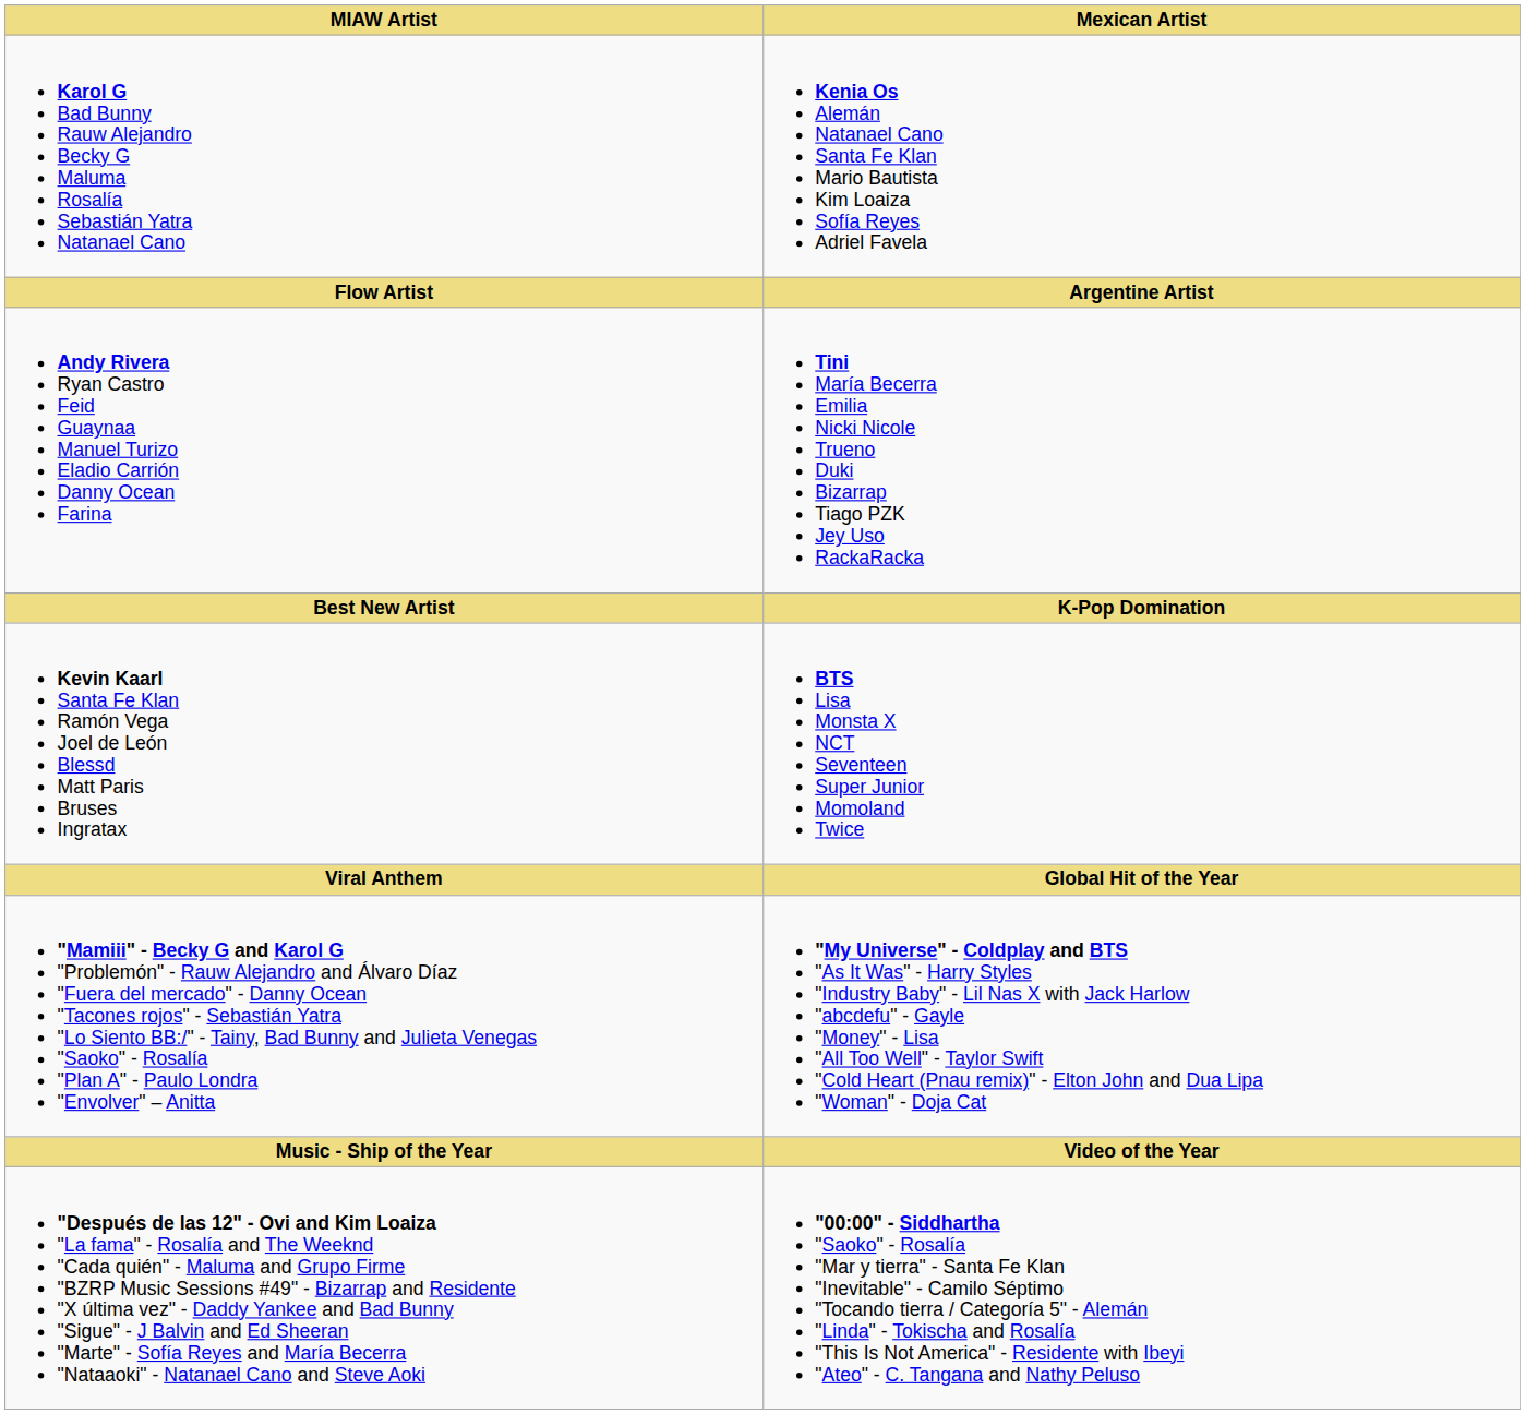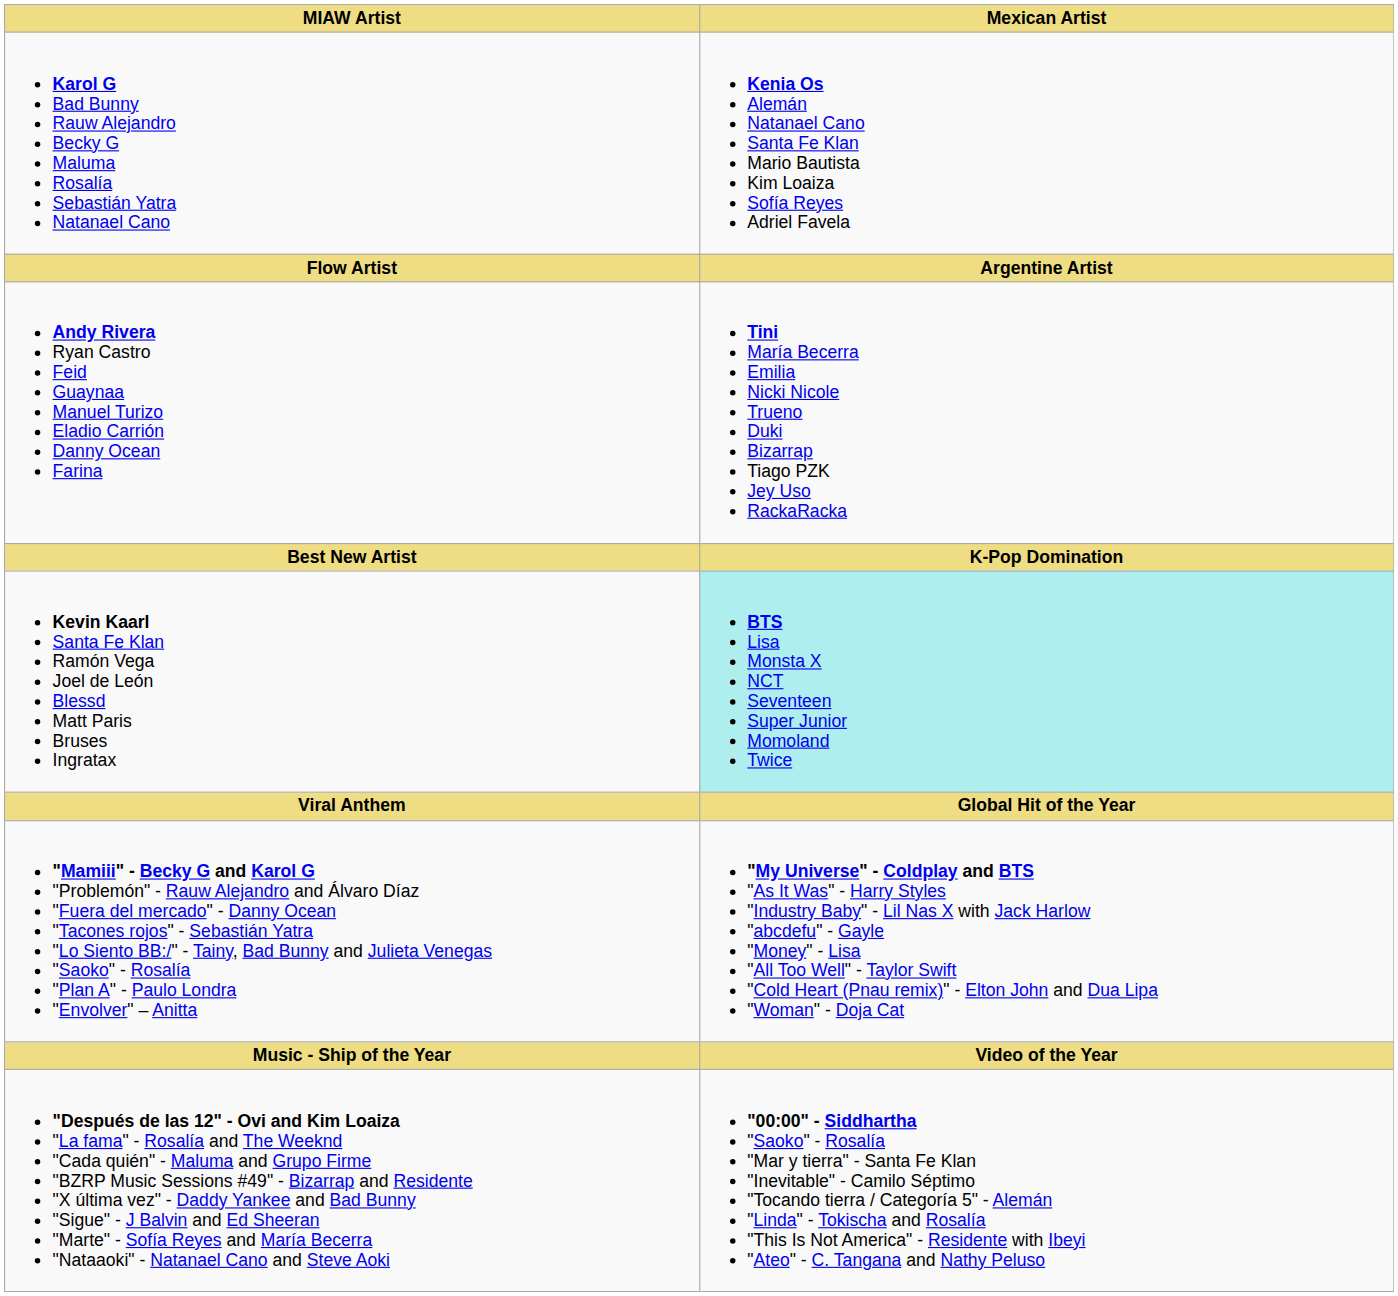 <table class="wikitable" style="width:100%">
 <tr>
 <th style="background:#EEDD82; width:50%">MIAW Artist</th>
 <th style="background:#EEDD82; width:50%">Mexican Artist</th>
 </tr>
 <tr>
 <td valign="top"><br><ul><li><strong><a href='#'>Karol G</a> </strong></li><li><a href='#'>Bad Bunny</a></li><li><a href='#'>Rauw Alejandro</a></li><li><a href='#'>Becky G</a></li><li><a href='#'>Maluma</a></li><li><a href='#'>Rosalía</a></li><li><a href='#'>Sebastián Yatra</a></li><li><a href='#'>Natanael Cano</a></li></ul></td>
 <td valign="top"><br><ul><li><strong><a href='#'>Kenia Os</a> </strong></li><li><a href='#'>Alemán</a></li><li><a href='#'>Natanael Cano</a></li><li><a href='#'>Santa Fe Klan</a></li><li>Mario Bautista</li><li>Kim Loaiza</li><li><a href='#'>Sofía Reyes</a></li><li>Adriel Favela</li></ul></td>
 </tr>
 <tr>
 <th style="background:#EEDD82; width:50%">Flow Artist</th>
 <th style="background:#EEDD82; width:50%">Argentine Artist</th>
 </tr>
 <tr>
 <td valign="top"><br><ul><li><strong><a href='#'>Andy Rivera</a> </strong></li><li>Ryan Castro</li><li><a href='#'>Feid</a></li><li><a href='#'>Guaynaa</a></li><li><a href='#'>Manuel Turizo</a></li><li><a href='#'>Eladio Carrión</a></li><li><a href='#'>Danny Ocean</a></li><li><a href='#'>Farina</a></li></ul></td>
 <td valign="top"><br><ul><li><strong><a href='#'>Tini</a> </strong></li><li><a href='#'>María Becerra</a></li><li><a href='#'>Emilia</a></li><li><a href='#'>Nicki Nicole</a></li><li><a href='#'>Trueno</a></li><li><a href='#'>Duki</a></li><li><a href='#'>Bizarrap</a></li><li>Tiago PZK</li><li><a href='#'>Jey Uso</a></li><li><a href='#'>RackaRacka</a></li></ul></td>
 </tr>
 <tr>
 <th style="background:#EEDD82; width:50%">Best New Artist</th>
 <th style="background:#EEDD82; width:50%">K-Pop Domination</th>
 </tr>
 <tr>
 <td valign="top"><br><ul><li><strong>Kevin Kaarl</strong></li><li><a href='#'>Santa Fe Klan</a></li><li>Ramón Vega</li><li>Joel de León</li><li><a href='#'>Blessd</a></li><li>Matt Paris</li><li>Bruses</li><li>Ingratax</li></ul></td>
-<td valign="top"><br><ul><li><strong><a href='#'>BTS</a> </strong></li><li><a href='#'>Lisa</a></li><li><a href='#'>Monsta X</a></li><li><a href='#'>NCT</a></li><li><a href='#'>Seventeen</a></li><li><a href='#'>Super Junior</a></li><li><a href='#'>Momoland</a></li><li><a href='#'>Twice</a></li></ul></td>
+<td valign="top" style="background: paleturquoise;"><br><ul><li><strong><a href='#'>BTS</a> </strong></li><li><a href='#'>Lisa</a></li><li><a href='#'>Monsta X</a></li><li><a href='#'>NCT</a></li><li><a href='#'>Seventeen</a></li><li><a href='#'>Super Junior</a></li><li><a href='#'>Momoland</a></li><li><a href='#'>Twice</a></li></ul></td>
 </tr>
 <tr>
 <th style="background:#EEDD82; width:50%">Viral Anthem</th>
 <th style="background:#EEDD82; width:50%">Global Hit of the Year</th>
 </tr>
 <tr>
 <td valign="top"><br><ul><li><strong>"<a href='#'>Mamiii</a>" - <a href='#'>Becky G</a> and <a href='#'>Karol G</a> </strong></li><li>"Problemón" - <a href='#'>Rauw Alejandro</a> and Álvaro Díaz</li><li>"<a href='#'>Fuera del mercado</a>" - <a href='#'>Danny Ocean</a></li><li>"<a href='#'>Tacones rojos</a>" - <a href='#'>Sebastián Yatra</a></li><li>"<a href='#'>Lo Siento BB:/</a>" - <a href='#'>Tainy</a>, <a href='#'>Bad Bunny</a> and <a href='#'>Julieta Venegas</a></li><li>"<a href='#'>Saoko</a>" - <a href='#'>Rosalía</a></li><li>"<a href='#'>Plan A</a>" - <a href='#'>Paulo Londra</a></li><li>"<a href='#'>Envolver</a>" – <a href='#'>Anitta</a></li></ul></td>
 <td valign="top"><br><ul><li><strong>"<a href='#'>My Universe</a>" - <a href='#'>Coldplay</a> and  <a href='#'>BTS</a></strong></li><li>"<a href='#'>As It Was</a>" - <a href='#'>Harry Styles</a></li><li>"<a href='#'>Industry Baby</a>" - <a href='#'>Lil Nas X</a> with <a href='#'>Jack Harlow</a></li><li>"<a href='#'>abcdefu</a>" - <a href='#'>Gayle</a></li><li>"<a href='#'>Money</a>" - <a href='#'>Lisa</a></li><li>"<a href='#'>All Too Well</a>" - <a href='#'>Taylor Swift</a></li><li>"<a href='#'>Cold Heart (Pnau remix)</a>" - <a href='#'>Elton John</a> and <a href='#'>Dua Lipa</a></li><li>"<a href='#'>Woman</a>" - <a href='#'>Doja Cat</a></li></ul></td>
 </tr>
 <tr>
 <th style="background:#EEDD82; width:50%">Music - Ship of the Year</th>
 <th style="background:#EEDD82; width:50%">Video of the Year</th>
 </tr>
 <tr>
 <td valign="top"><br><ul><li><strong>"Después de las 12" - Ovi and  Kim Loaiza</strong></li><li>"<a href='#'>La fama</a>" - <a href='#'>Rosalía</a> and <a href='#'>The Weeknd</a></li><li>"Cada quién" - <a href='#'>Maluma</a> and <a href='#'>Grupo Firme</a></li><li>"BZRP Music Sessions #49" - <a href='#'>Bizarrap</a> and <a href='#'>Residente</a></li><li>"X última vez" - <a href='#'>Daddy Yankee</a> and <a href='#'>Bad Bunny</a></li><li>"Sigue" - <a href='#'>J Balvin</a> and <a href='#'>Ed Sheeran</a></li><li>"Marte" - <a href='#'>Sofía Reyes</a> and <a href='#'>María Becerra</a></li><li>"Nataaoki" - <a href='#'>Natanael Cano</a> and <a href='#'>Steve Aoki</a></li></ul></td>
 <td valign="top"><br><ul><li><strong>"00:00" - <a href='#'>Siddhartha</a></strong></li><li>"<a href='#'>Saoko</a>" - <a href='#'>Rosalía</a></li><li>"Mar y tierra" - Santa Fe Klan</li><li>"Inevitable" - Camilo Séptimo</li><li>"Tocando tierra / Categoría 5" - <a href='#'>Alemán</a></li><li>"<a href='#'>Linda</a>" - <a href='#'>Tokischa</a> and <a href='#'>Rosalía</a></li><li>"This Is Not America" - <a href='#'>Residente</a> with <a href='#'>Ibeyi</a></li><li>"<a href='#'>Ateo</a>" - <a href='#'>C. Tangana</a> and <a href='#'>Nathy Peluso</a></li></ul></td>
 </tr>
 </table>
